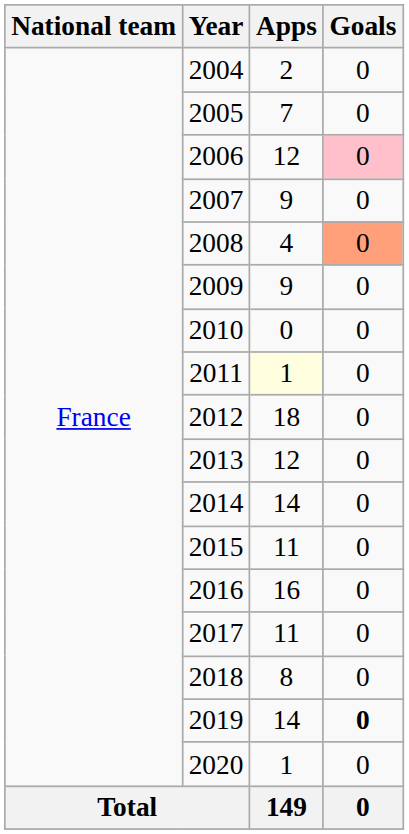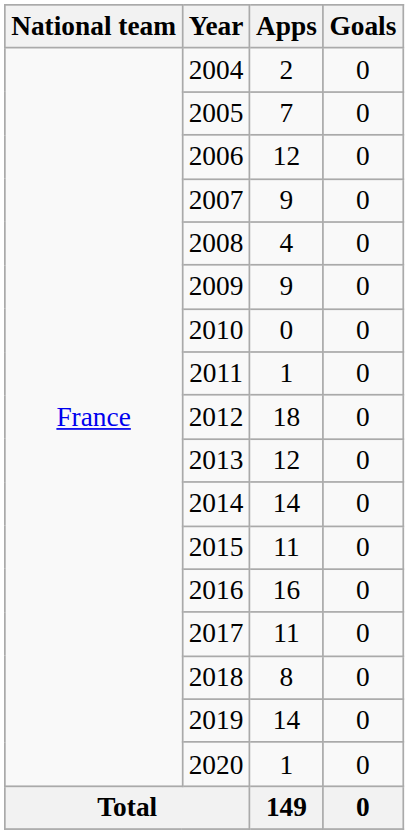 <table class="wikitable" style="text-align:center">
 <tr>
 <th>National team</th>
 <th>Year</th>
 <th>Apps</th>
 <th>Goals</th>
 </tr>
 <tr>
 <td rowspan="17"><a href='#'>France</a></td>
 <td>2004</td>
 <td>2</td>
 <td>0</td>
 </tr>
 <tr>
 <td>2005</td>
 <td>7</td>
 <td>0</td>
 </tr>
 <tr>
 <td>2006</td>
 <td>12</td>
-<td style="background: pink;">0</td>
+<td>0</td>
 </tr>
 <tr>
 <td>2007</td>
 <td>9</td>
 <td>0</td>
 </tr>
 <tr>
 <td>2008</td>
 <td>4</td>
-<td style="background: lightsalmon;">0</td>
+<td>0</td>
 </tr>
 <tr>
 <td>2009</td>
 <td>9</td>
 <td>0</td>
 </tr>
 <tr>
 <td>2010</td>
 <td>0</td>
 <td>0</td>
 </tr>
 <tr>
 <td>2011</td>
-<td style="background: lightyellow;">1</td>
+<td>1</td>
 <td>0</td>
 </tr>
 <tr>
 <td>2012</td>
 <td>18</td>
 <td>0</td>
 </tr>
 <tr>
 <td>2013</td>
 <td>12</td>
 <td>0</td>
 </tr>
 <tr>
 <td>2014</td>
 <td>14</td>
 <td>0</td>
 </tr>
 <tr>
 <td>2015</td>
 <td>11</td>
 <td>0</td>
 </tr>
 <tr>
 <td>2016</td>
 <td>16</td>
 <td>0</td>
 </tr>
 <tr>
 <td>2017</td>
 <td>11</td>
 <td>0</td>
 </tr>
 <tr>
 <td>2018</td>
 <td>8</td>
 <td>0</td>
 </tr>
 <tr>
 <td>2019</td>
 <td>14</td>
-<td><strong>0</strong></td>
+<td>0</td>
 </tr>
 <tr>
 <td>2020</td>
 <td>1</td>
 <td>0</td>
 </tr>
 <tr>
 <th colspan="2">Total</th>
 <th>149</th>
 <th>0</th>
 </tr>
 </table>
